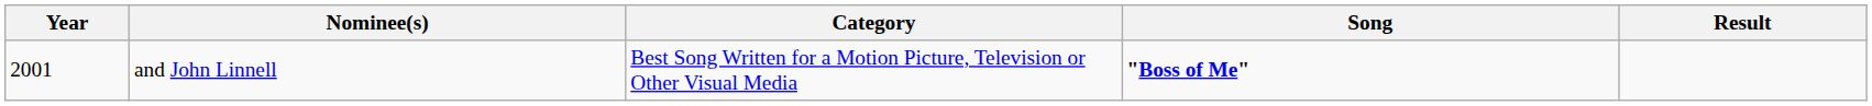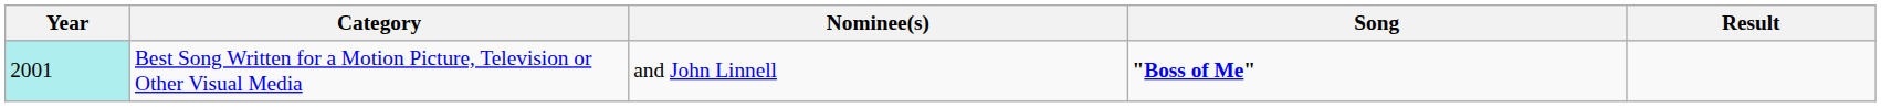 <table class="wikitable" style="font-size: 90%" width=100%>
 <tr>
 <th width="5%">Year</th>
+<th width="20%">Category</th>
 <th width="20%">Nominee(s)</th>
-<th width="20%">Category</th>
 <th width="20%">Song</th>
 <th width="10%">Result</th>
 </tr>
 <tr>
-<td>2001</td>
+<td style="background: paleturquoise;">2001</td>
+<td><a href='#'>Best Song Written for a Motion Picture, Television or Other Visual Media</a></td>
 <td> and <a href='#'>John Linnell</a></td>
-<td><a href='#'>Best Song Written for a Motion Picture, Television or Other Visual Media</a></td>
 <td><strong>"<a href='#'>Boss of Me</a>"</strong></td>
 <td></td>
 </tr>
 </table>
